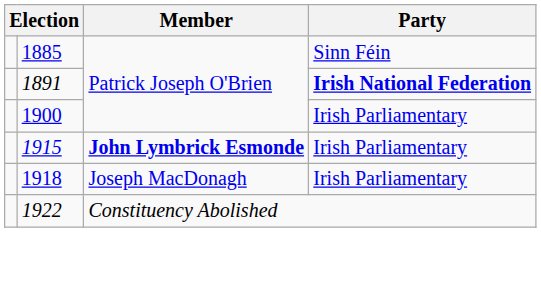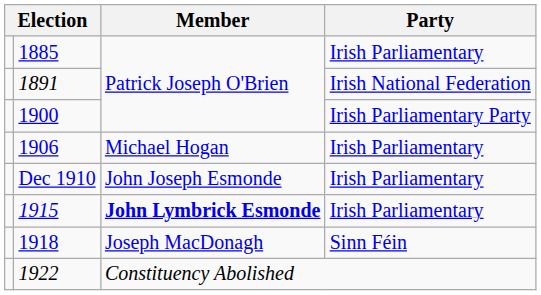 <table class="wikitable">
 <tr>
 <th colspan="2">Election</th>
 <th>Member</th>
 <th>Party</th>
 </tr>
 <tr>
 <td style="color:inherit;background-color: "></td>
 <td><a href='#'>1885</a></td>
 <td rowspan="3"><a href='#'>Patrick Joseph O'Brien</a></td>
-<td><a href='#'>Sinn Féin</a></td>
+<td><a href='#'>Irish Parliamentary</a></td>
 </tr>
 <tr>
 <td style="color:inherit;background-color: "></td>
 <td><em>1891</em></td>
-<td><strong><a href='#'>Irish National Federation</a></strong></td>
+<td><a href='#'>Irish National Federation</a></td>
 </tr>
 <tr>
 <td style="color:inherit;background-color: "></td>
 <td><a href='#'>1900</a></td>
+<td><a href='#'>Irish Parliamentary Party</a></td>
+</tr>
+<tr>
+<td style="color:inherit;background-color: "></td>
+<td><a href='#'>1906</a></td>
+<td><a href='#'>Michael Hogan</a></td>
+<td><a href='#'>Irish Parliamentary</a></td>
+</tr>
+<tr>
+<td style="color:inherit;background-color: "></td>
+<td><a href='#'>Dec 1910</a></td>
+<td><a href='#'>John Joseph Esmonde</a></td>
 <td><a href='#'>Irish Parliamentary</a></td>
 </tr>
 <tr>
 <td style="color:inherit;background-color: "></td>
 <td><em><a href='#'>1915</a></em></td>
 <td><strong><a href='#'>John Lymbrick Esmonde</a></strong></td>
 <td><a href='#'>Irish Parliamentary</a></td>
 </tr>
 <tr>
 <td style="color:inherit;background-color: "></td>
 <td><a href='#'>1918</a></td>
 <td><a href='#'>Joseph MacDonagh</a></td>
-<td><a href='#'>Irish Parliamentary</a></td>
+<td><a href='#'>Sinn Féin</a></td>
 </tr>
 <tr>
 <td style="color:inherit;background-color: "></td>
 <td><em>1922</em></td>
 <td colspan="2"><em> Constituency Abolished</em></td>
 </tr>
 </table>
